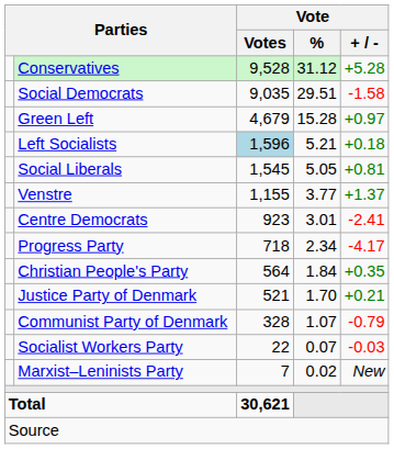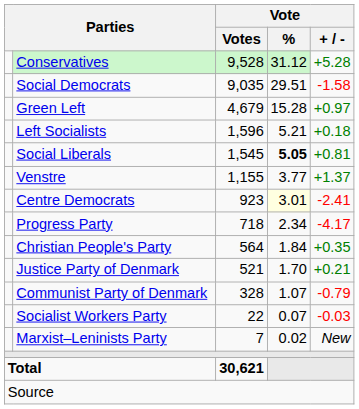 <table class="wikitable" style="text-align:right;">
 <tr>
 <th style="text-align:centre;" rowspan="2" colspan="2" width="225">Parties</th>
 <th colspan="3">Vote</th>
 </tr>
 <tr>
 <th width="15">Votes</th>
 <th width="15">%</th>
 <th width="15">+ / -</th>
 </tr>
 <tr>
 <td width="2" style="color:inherit;background:"></td>
 <td bgcolor=#ccf7cc  align="left"><a href='#'>Conservatives</a></td>
 <td bgcolor=#ccf7cc>9,528</td>
 <td bgcolor=#ccf7cc>31.12</td>
 <td style=color:green;>+5.28</td>
 </tr>
 <tr>
 <td width="2" style="color:inherit;background:"></td>
 <td align="left"><a href='#'>Social Democrats</a></td>
 <td>9,035</td>
 <td>29.51</td>
 <td style=color:red;>-1.58</td>
 </tr>
 <tr>
 <td width="2" style="color:inherit;background:"></td>
 <td align="left"><a href='#'>Green Left</a></td>
 <td>4,679</td>
 <td>15.28</td>
 <td style=color:green;>+0.97</td>
 </tr>
 <tr>
 <td width="2" style="color:inherit;background:"></td>
 <td align="left"><a href='#'>Left Socialists</a></td>
-<td style="background: lightblue;">1,596</td>
+<td>1,596</td>
 <td>5.21</td>
 <td style=color:green;>+0.18</td>
 </tr>
 <tr>
 <td width="2" style="color:inherit;background:"></td>
 <td align="left"><a href='#'>Social Liberals</a></td>
 <td>1,545</td>
-<td>5.05</td>
+<td><strong>5.05</strong></td>
 <td style=color:green;>+0.81</td>
 </tr>
 <tr>
 <td width="2" style="color:inherit;background:"></td>
 <td align="left"><a href='#'>Venstre</a></td>
 <td>1,155</td>
 <td>3.77</td>
 <td style=color:green;>+1.37</td>
 </tr>
 <tr>
 <td width="2" style="color:inherit;background:"></td>
 <td align="left"><a href='#'>Centre Democrats</a></td>
 <td>923</td>
-<td>3.01</td>
+<td style="background: lightyellow;">3.01</td>
 <td style=color:red;>-2.41</td>
 </tr>
 <tr>
 <td width="2" style="color:inherit;background:"></td>
 <td align="left"><a href='#'>Progress Party</a></td>
 <td>718</td>
 <td>2.34</td>
 <td style=color:red;>-4.17</td>
 </tr>
 <tr>
 <td width="2" style="color:inherit;background:"></td>
 <td align="left"><a href='#'>Christian People's Party</a></td>
 <td>564</td>
 <td>1.84</td>
 <td style=color:green;>+0.35</td>
 </tr>
 <tr>
 <td width="2" style="color:inherit;background:"></td>
 <td align="left"><a href='#'>Justice Party of Denmark</a></td>
 <td>521</td>
 <td>1.70</td>
 <td style=color:green;>+0.21</td>
 </tr>
 <tr>
 <td width="2" style="color:inherit;background:"></td>
 <td align="left"><a href='#'>Communist Party of Denmark</a></td>
 <td>328</td>
 <td>1.07</td>
 <td style=color:red;>-0.79</td>
 </tr>
 <tr>
 <td width="2" style="color:inherit;background:"></td>
 <td align="left"><a href='#'>Socialist Workers Party</a></td>
 <td>22</td>
 <td>0.07</td>
 <td style=color:red;>-0.03</td>
 </tr>
 <tr>
 <td width="2" style="color:inherit;background:"></td>
 <td align="left"><a href='#'>Marxist–Leninists Party</a></td>
 <td>7</td>
 <td>0.02</td>
 <td><em>New</em></td>
 </tr>
 <tr>
 <td colspan="7" bgcolor="#E9E9E9"></td>
 </tr>
 <tr>
 <td align="left" colspan="2"><strong>Total</strong></td>
 <td><strong>30,621</strong></td>
 <td bgcolor="#E9E9E9" colspan="2"></td>
 </tr>
 <tr>
 <td align="left" colspan="6">Source</td>
 </tr>
 </table>
